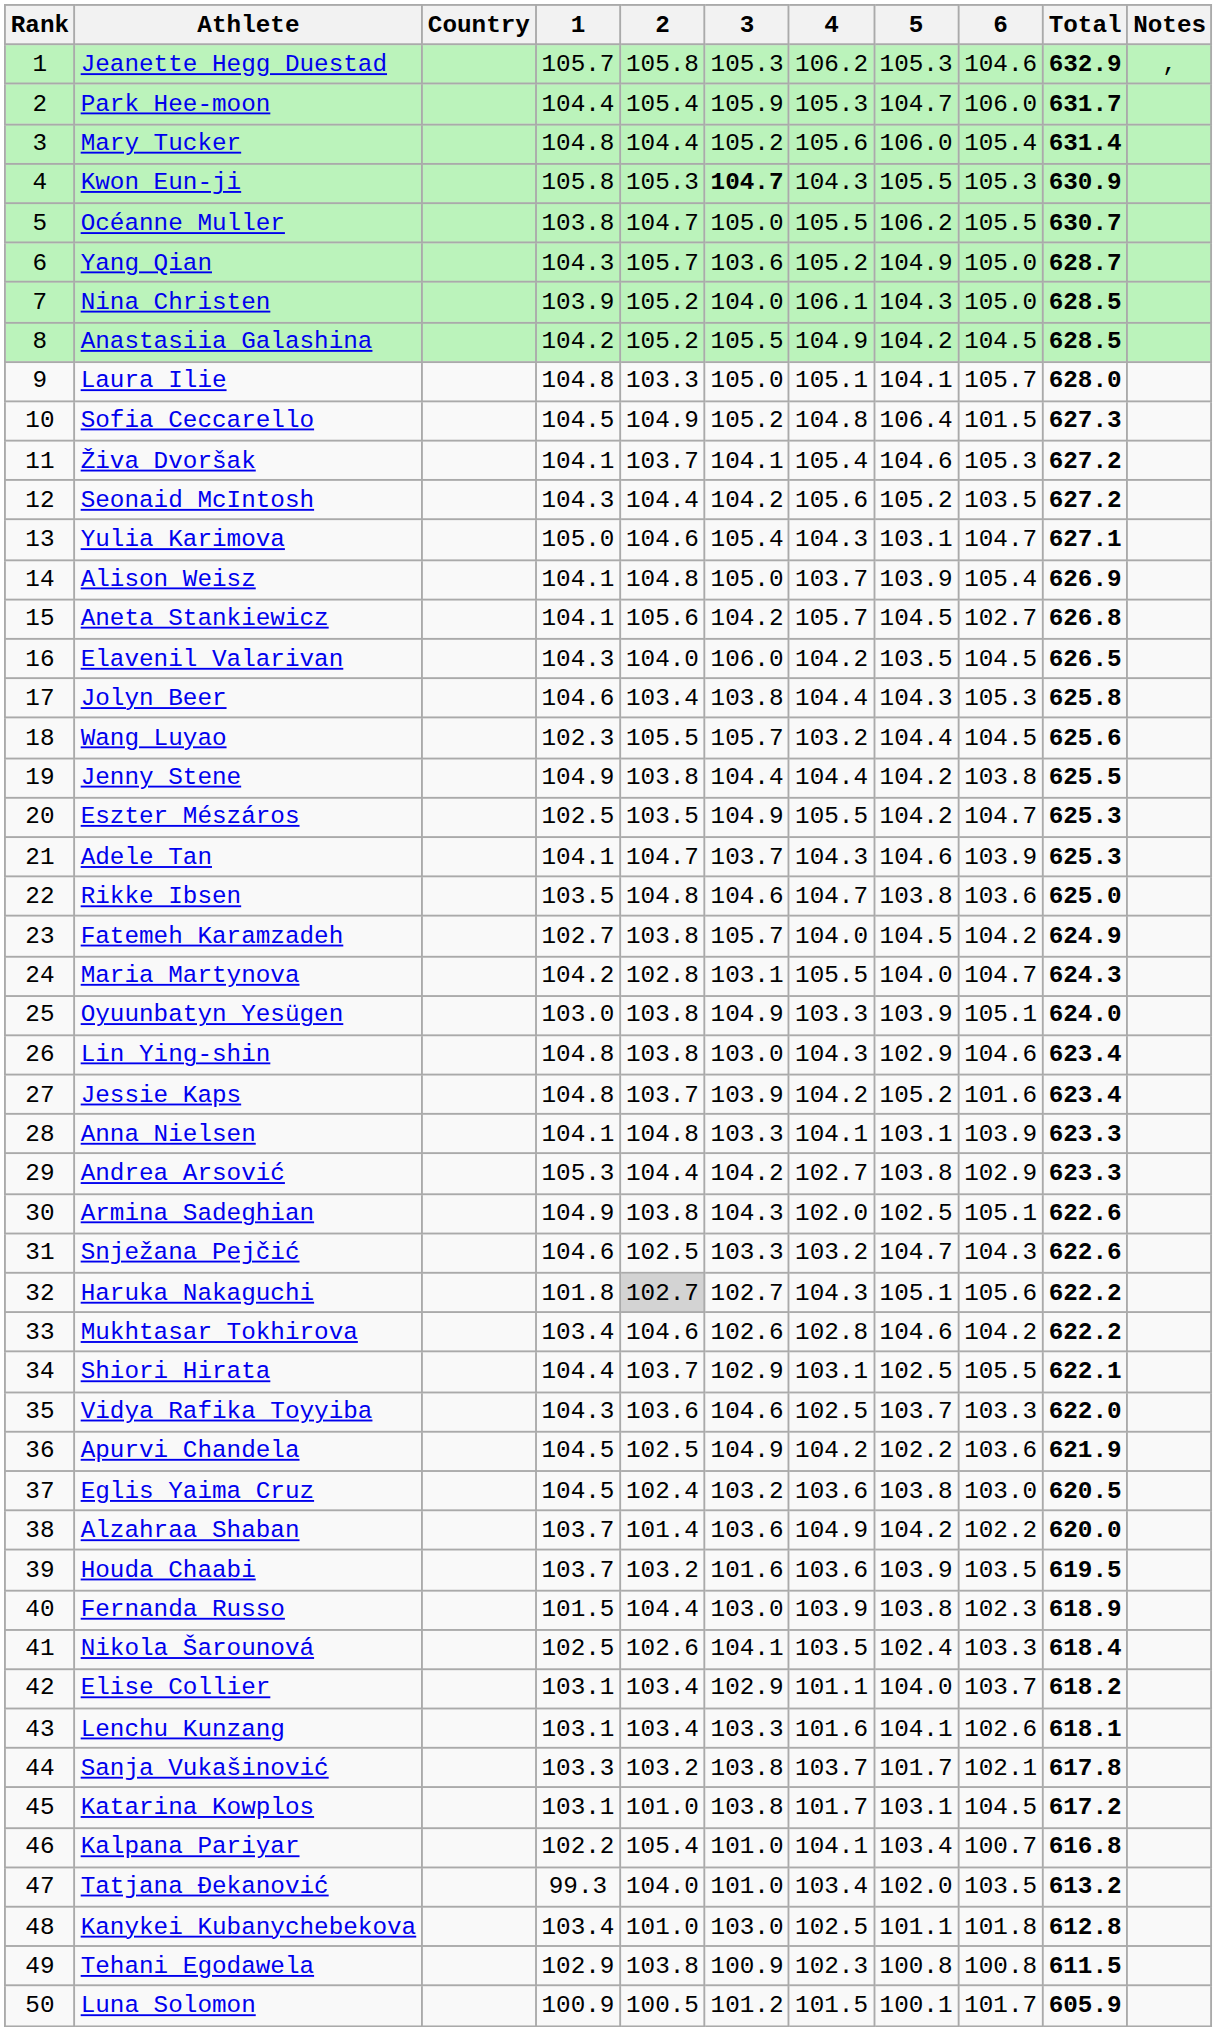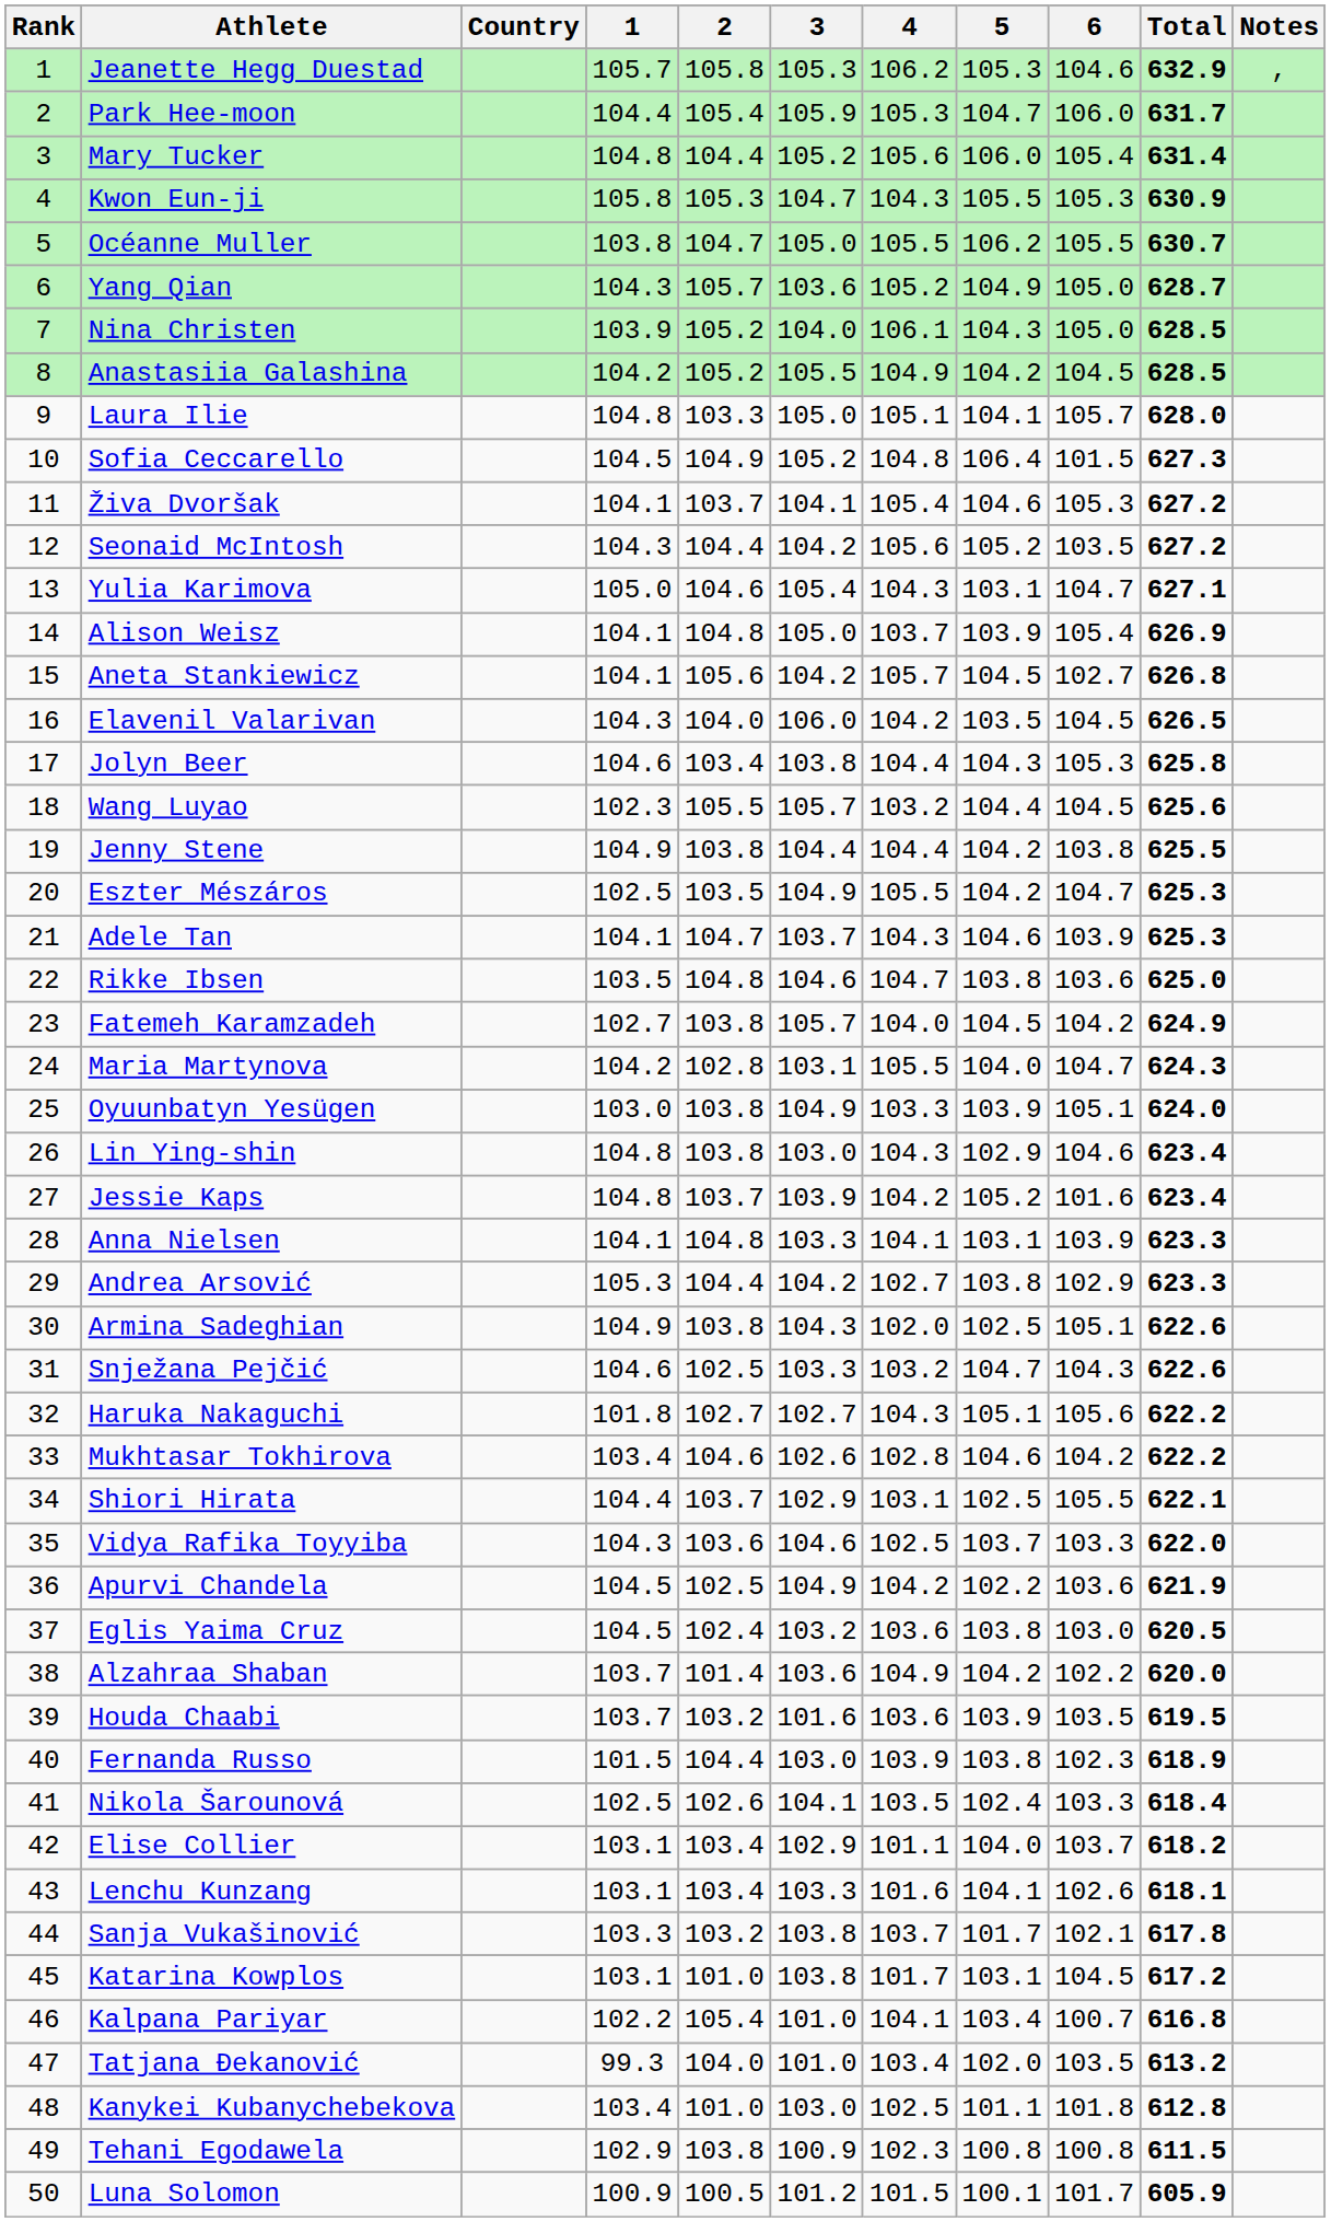 <table class="wikitable sortable" style="text-align:center">
 <tr>
 <th>Rank</th>
 <th>Athlete</th>
 <th>Country</th>
 <th class="sortable">1</th>
 <th class="sortable">2</th>
 <th class="sortable">3</th>
 <th class="sortable">4</th>
 <th class="sortable">5</th>
 <th class="sortable">6</th>
 <th>Total</th>
 <th class="unsortable">Notes</th>
 </tr>
 <tr bgcolor=bbf3bb>
 <td>1</td>
 <td align=left><a href='#'>Jeanette Hegg Duestad</a></td>
 <td align=left></td>
 <td>105.7</td>
 <td>105.8</td>
 <td>105.3</td>
 <td>106.2</td>
 <td>105.3</td>
 <td>104.6</td>
 <td><strong>632.9</strong></td>
 <td>, </td>
 </tr>
 <tr bgcolor=bbf3bb>
 <td>2</td>
 <td align=left><a href='#'>Park Hee-moon</a></td>
 <td align=left></td>
 <td>104.4</td>
 <td>105.4</td>
 <td>105.9</td>
 <td>105.3</td>
 <td>104.7</td>
 <td>106.0</td>
 <td><strong>631.7</strong></td>
 <td></td>
 </tr>
 <tr bgcolor=bbf3bb>
 <td>3</td>
 <td align=left><a href='#'>Mary Tucker</a></td>
 <td align=left></td>
 <td>104.8</td>
 <td>104.4</td>
 <td>105.2</td>
 <td>105.6</td>
 <td>106.0</td>
 <td>105.4</td>
 <td><strong>631.4</strong></td>
 <td></td>
 </tr>
 <tr bgcolor=bbf3bb>
 <td>4</td>
 <td align=left><a href='#'>Kwon Eun-ji</a></td>
 <td align=left></td>
 <td>105.8</td>
 <td>105.3</td>
-<td><strong>104.7</strong></td>
+<td>104.7</td>
 <td>104.3</td>
 <td>105.5</td>
 <td>105.3</td>
 <td><strong>630.9</strong></td>
 <td></td>
 </tr>
 <tr bgcolor=bbf3bb>
 <td>5</td>
 <td align=left><a href='#'>Océanne Muller</a></td>
 <td align=left></td>
 <td>103.8</td>
 <td>104.7</td>
 <td>105.0</td>
 <td>105.5</td>
 <td>106.2</td>
 <td>105.5</td>
 <td><strong>630.7</strong></td>
 <td></td>
 </tr>
 <tr bgcolor=bbf3bb>
 <td>6</td>
 <td align=left><a href='#'>Yang Qian</a></td>
 <td align=left></td>
 <td>104.3</td>
 <td>105.7</td>
 <td>103.6</td>
 <td>105.2</td>
 <td>104.9</td>
 <td>105.0</td>
 <td><strong>628.7</strong></td>
 <td></td>
 </tr>
 <tr bgcolor=bbf3bb>
 <td>7</td>
 <td align=left><a href='#'>Nina Christen</a></td>
 <td align=left></td>
 <td>103.9</td>
 <td>105.2</td>
 <td>104.0</td>
 <td>106.1</td>
 <td>104.3</td>
 <td>105.0</td>
 <td><strong>628.5</strong></td>
 <td></td>
 </tr>
 <tr bgcolor=bbf3bb>
 <td>8</td>
 <td align=left><a href='#'>Anastasiia Galashina</a></td>
 <td align=left></td>
 <td>104.2</td>
 <td>105.2</td>
 <td>105.5</td>
 <td>104.9</td>
 <td>104.2</td>
 <td>104.5</td>
 <td><strong>628.5</strong></td>
 <td></td>
 </tr>
 <tr>
 <td>9</td>
 <td align=left><a href='#'>Laura Ilie</a></td>
 <td align=left></td>
 <td>104.8</td>
 <td>103.3</td>
 <td>105.0</td>
 <td>105.1</td>
 <td>104.1</td>
 <td>105.7</td>
 <td><strong>628.0</strong></td>
 <td></td>
 </tr>
 <tr>
 <td>10</td>
 <td align=left><a href='#'>Sofia Ceccarello</a></td>
 <td align=left></td>
 <td>104.5</td>
 <td>104.9</td>
 <td>105.2</td>
 <td>104.8</td>
 <td>106.4</td>
 <td>101.5</td>
 <td><strong>627.3</strong></td>
 <td></td>
 </tr>
 <tr>
 <td>11</td>
 <td align=left><a href='#'>Živa Dvoršak</a></td>
 <td align=left></td>
 <td>104.1</td>
 <td>103.7</td>
 <td>104.1</td>
 <td>105.4</td>
 <td>104.6</td>
 <td>105.3</td>
 <td><strong>627.2</strong></td>
 <td></td>
 </tr>
 <tr>
 <td>12</td>
 <td align=left><a href='#'>Seonaid McIntosh</a></td>
 <td align=left></td>
 <td>104.3</td>
 <td>104.4</td>
 <td>104.2</td>
 <td>105.6</td>
 <td>105.2</td>
 <td>103.5</td>
 <td><strong>627.2</strong></td>
 <td></td>
 </tr>
 <tr>
 <td>13</td>
 <td align=left><a href='#'>Yulia Karimova</a></td>
 <td align=left></td>
 <td>105.0</td>
 <td>104.6</td>
 <td>105.4</td>
 <td>104.3</td>
 <td>103.1</td>
 <td>104.7</td>
 <td><strong>627.1</strong></td>
 <td></td>
 </tr>
 <tr>
 <td>14</td>
 <td align=left><a href='#'>Alison Weisz</a></td>
 <td align=left></td>
 <td>104.1</td>
 <td>104.8</td>
 <td>105.0</td>
 <td>103.7</td>
 <td>103.9</td>
 <td>105.4</td>
 <td><strong>626.9</strong></td>
 <td></td>
 </tr>
 <tr>
 <td>15</td>
 <td align=left><a href='#'>Aneta Stankiewicz</a></td>
 <td align=left></td>
 <td>104.1</td>
 <td>105.6</td>
 <td>104.2</td>
 <td>105.7</td>
 <td>104.5</td>
 <td>102.7</td>
 <td><strong>626.8</strong></td>
 <td></td>
 </tr>
 <tr>
 <td>16</td>
 <td align=left><a href='#'>Elavenil Valarivan</a></td>
 <td align=left></td>
 <td>104.3</td>
 <td>104.0</td>
 <td>106.0</td>
 <td>104.2</td>
 <td>103.5</td>
 <td>104.5</td>
 <td><strong>626.5</strong></td>
 <td></td>
 </tr>
 <tr>
 <td>17</td>
 <td align=left><a href='#'>Jolyn Beer</a></td>
 <td align=left></td>
 <td>104.6</td>
 <td>103.4</td>
 <td>103.8</td>
 <td>104.4</td>
 <td>104.3</td>
 <td>105.3</td>
 <td><strong>625.8</strong></td>
 <td></td>
 </tr>
 <tr>
 <td>18</td>
 <td align=left><a href='#'>Wang Luyao</a></td>
 <td align=left></td>
 <td>102.3</td>
 <td>105.5</td>
 <td>105.7</td>
 <td>103.2</td>
 <td>104.4</td>
 <td>104.5</td>
 <td><strong>625.6</strong></td>
 <td></td>
 </tr>
 <tr>
 <td>19</td>
 <td align=left><a href='#'>Jenny Stene</a></td>
 <td align=left></td>
 <td>104.9</td>
 <td>103.8</td>
 <td>104.4</td>
 <td>104.4</td>
 <td>104.2</td>
 <td>103.8</td>
 <td><strong>625.5</strong></td>
 <td></td>
 </tr>
 <tr>
 <td>20</td>
 <td align=left><a href='#'>Eszter Mészáros</a></td>
 <td align=left></td>
 <td>102.5</td>
 <td>103.5</td>
 <td>104.9</td>
 <td>105.5</td>
 <td>104.2</td>
 <td>104.7</td>
 <td><strong>625.3</strong></td>
 <td></td>
 </tr>
 <tr>
 <td>21</td>
 <td align=left><a href='#'>Adele Tan</a></td>
 <td align=left></td>
 <td>104.1</td>
 <td>104.7</td>
 <td>103.7</td>
 <td>104.3</td>
 <td>104.6</td>
 <td>103.9</td>
 <td><strong>625.3</strong></td>
 <td></td>
 </tr>
 <tr>
 <td>22</td>
 <td align=left><a href='#'>Rikke Ibsen</a></td>
 <td align=left></td>
 <td>103.5</td>
 <td>104.8</td>
 <td>104.6</td>
 <td>104.7</td>
 <td>103.8</td>
 <td>103.6</td>
 <td><strong>625.0</strong></td>
 <td></td>
 </tr>
 <tr>
 <td>23</td>
 <td align=left><a href='#'>Fatemeh Karamzadeh</a></td>
 <td align=left></td>
 <td>102.7</td>
 <td>103.8</td>
 <td>105.7</td>
 <td>104.0</td>
 <td>104.5</td>
 <td>104.2</td>
 <td><strong>624.9</strong></td>
 <td></td>
 </tr>
 <tr>
 <td>24</td>
 <td align=left><a href='#'>Maria Martynova</a></td>
 <td align=left></td>
 <td>104.2</td>
 <td>102.8</td>
 <td>103.1</td>
 <td>105.5</td>
 <td>104.0</td>
 <td>104.7</td>
 <td><strong>624.3</strong></td>
 <td></td>
 </tr>
 <tr>
 <td>25</td>
 <td align=left><a href='#'>Oyuunbatyn Yesügen</a></td>
 <td align=left></td>
 <td>103.0</td>
 <td>103.8</td>
 <td>104.9</td>
 <td>103.3</td>
 <td>103.9</td>
 <td>105.1</td>
 <td><strong>624.0</strong></td>
 <td></td>
 </tr>
 <tr>
 <td>26</td>
 <td align=left><a href='#'>Lin Ying-shin</a></td>
 <td align=left></td>
 <td>104.8</td>
 <td>103.8</td>
 <td>103.0</td>
 <td>104.3</td>
 <td>102.9</td>
 <td>104.6</td>
 <td><strong>623.4</strong></td>
 <td></td>
 </tr>
 <tr>
 <td>27</td>
 <td align=left><a href='#'>Jessie Kaps</a></td>
 <td align=left></td>
 <td>104.8</td>
 <td>103.7</td>
 <td>103.9</td>
 <td>104.2</td>
 <td>105.2</td>
 <td>101.6</td>
 <td><strong>623.4</strong></td>
 <td></td>
 </tr>
 <tr>
 <td>28</td>
 <td align=left><a href='#'>Anna Nielsen</a></td>
 <td align=left></td>
 <td>104.1</td>
 <td>104.8</td>
 <td>103.3</td>
 <td>104.1</td>
 <td>103.1</td>
 <td>103.9</td>
 <td><strong>623.3</strong></td>
 <td></td>
 </tr>
 <tr>
 <td>29</td>
 <td align=left><a href='#'>Andrea Arsović</a></td>
 <td align=left></td>
 <td>105.3</td>
 <td>104.4</td>
 <td>104.2</td>
 <td>102.7</td>
 <td>103.8</td>
 <td>102.9</td>
 <td><strong>623.3</strong></td>
 <td></td>
 </tr>
 <tr>
 <td>30</td>
 <td align=left><a href='#'>Armina Sadeghian</a></td>
 <td align=left></td>
 <td>104.9</td>
 <td>103.8</td>
 <td>104.3</td>
 <td>102.0</td>
 <td>102.5</td>
 <td>105.1</td>
 <td><strong>622.6</strong></td>
 <td></td>
 </tr>
 <tr>
 <td>31</td>
 <td align=left><a href='#'>Snježana Pejčić</a></td>
 <td align=left></td>
 <td>104.6</td>
 <td>102.5</td>
 <td>103.3</td>
 <td>103.2</td>
 <td>104.7</td>
 <td>104.3</td>
 <td><strong>622.6</strong></td>
 <td></td>
 </tr>
 <tr>
 <td>32</td>
 <td align=left><a href='#'>Haruka Nakaguchi</a></td>
 <td align=left></td>
 <td>101.8</td>
-<td style="background: lightgrey;">102.7</td>
+<td>102.7</td>
 <td>102.7</td>
 <td>104.3</td>
 <td>105.1</td>
 <td>105.6</td>
 <td><strong>622.2</strong></td>
 <td></td>
 </tr>
 <tr>
 <td>33</td>
 <td align=left><a href='#'>Mukhtasar Tokhirova</a></td>
 <td align=left></td>
 <td>103.4</td>
 <td>104.6</td>
 <td>102.6</td>
 <td>102.8</td>
 <td>104.6</td>
 <td>104.2</td>
 <td><strong>622.2</strong></td>
 <td></td>
 </tr>
 <tr>
 <td>34</td>
 <td align=left><a href='#'>Shiori Hirata</a></td>
 <td align=left></td>
 <td>104.4</td>
 <td>103.7</td>
 <td>102.9</td>
 <td>103.1</td>
 <td>102.5</td>
 <td>105.5</td>
 <td><strong>622.1</strong></td>
 <td></td>
 </tr>
 <tr>
 <td>35</td>
 <td align=left><a href='#'>Vidya Rafika Toyyiba</a></td>
 <td align=left></td>
 <td>104.3</td>
 <td>103.6</td>
 <td>104.6</td>
 <td>102.5</td>
 <td>103.7</td>
 <td>103.3</td>
 <td><strong>622.0</strong></td>
 <td></td>
 </tr>
 <tr>
 <td>36</td>
 <td align=left><a href='#'>Apurvi Chandela</a></td>
 <td align=left></td>
 <td>104.5</td>
 <td>102.5</td>
 <td>104.9</td>
 <td>104.2</td>
 <td>102.2</td>
 <td>103.6</td>
 <td><strong>621.9</strong></td>
 <td></td>
 </tr>
 <tr>
 <td>37</td>
 <td align=left><a href='#'>Eglis Yaima Cruz</a></td>
 <td align=left></td>
 <td>104.5</td>
 <td>102.4</td>
 <td>103.2</td>
 <td>103.6</td>
 <td>103.8</td>
 <td>103.0</td>
 <td><strong>620.5</strong></td>
 <td></td>
 </tr>
 <tr>
 <td>38</td>
 <td align=left><a href='#'>Alzahraa Shaban</a></td>
 <td align=left></td>
 <td>103.7</td>
 <td>101.4</td>
 <td>103.6</td>
 <td>104.9</td>
 <td>104.2</td>
 <td>102.2</td>
 <td><strong>620.0</strong></td>
 <td></td>
 </tr>
 <tr>
 <td>39</td>
 <td align=left><a href='#'>Houda Chaabi</a></td>
 <td align=left></td>
 <td>103.7</td>
 <td>103.2</td>
 <td>101.6</td>
 <td>103.6</td>
 <td>103.9</td>
 <td>103.5</td>
 <td><strong>619.5</strong></td>
 <td></td>
 </tr>
 <tr>
 <td>40</td>
 <td align=left><a href='#'>Fernanda Russo</a></td>
 <td align=left></td>
 <td>101.5</td>
 <td>104.4</td>
 <td>103.0</td>
 <td>103.9</td>
 <td>103.8</td>
 <td>102.3</td>
 <td><strong>618.9</strong></td>
 <td></td>
 </tr>
 <tr>
 <td>41</td>
 <td align=left><a href='#'>Nikola Šarounová</a></td>
 <td align=left></td>
 <td>102.5</td>
 <td>102.6</td>
 <td>104.1</td>
 <td>103.5</td>
 <td>102.4</td>
 <td>103.3</td>
 <td><strong>618.4</strong></td>
 <td></td>
 </tr>
 <tr>
 <td>42</td>
 <td align=left><a href='#'>Elise Collier</a></td>
 <td align=left></td>
 <td>103.1</td>
 <td>103.4</td>
 <td>102.9</td>
 <td>101.1</td>
 <td>104.0</td>
 <td>103.7</td>
 <td><strong>618.2</strong></td>
 <td></td>
 </tr>
 <tr>
 <td>43</td>
 <td align=left><a href='#'>Lenchu Kunzang</a></td>
 <td align=left></td>
 <td>103.1</td>
 <td>103.4</td>
 <td>103.3</td>
 <td>101.6</td>
 <td>104.1</td>
 <td>102.6</td>
 <td><strong>618.1</strong></td>
 <td></td>
 </tr>
 <tr>
 <td>44</td>
 <td align=left><a href='#'>Sanja Vukašinović</a></td>
 <td align=left></td>
 <td>103.3</td>
 <td>103.2</td>
 <td>103.8</td>
 <td>103.7</td>
 <td>101.7</td>
 <td>102.1</td>
 <td><strong>617.8</strong></td>
 <td></td>
 </tr>
 <tr>
 <td>45</td>
 <td align=left><a href='#'>Katarina Kowplos</a></td>
 <td align=left></td>
 <td>103.1</td>
 <td>101.0</td>
 <td>103.8</td>
 <td>101.7</td>
 <td>103.1</td>
 <td>104.5</td>
 <td><strong>617.2</strong></td>
 <td></td>
 </tr>
 <tr>
 <td>46</td>
 <td align=left><a href='#'>Kalpana Pariyar</a></td>
 <td align=left></td>
 <td>102.2</td>
 <td>105.4</td>
 <td>101.0</td>
 <td>104.1</td>
 <td>103.4</td>
 <td>100.7</td>
 <td><strong>616.8</strong></td>
 <td></td>
 </tr>
 <tr>
 <td>47</td>
 <td align=left><a href='#'>Tatjana Đekanović</a></td>
 <td align=left></td>
 <td>99.3</td>
 <td>104.0</td>
 <td>101.0</td>
 <td>103.4</td>
 <td>102.0</td>
 <td>103.5</td>
 <td><strong>613.2</strong></td>
 <td></td>
 </tr>
 <tr>
 <td>48</td>
 <td align=left><a href='#'>Kanykei Kubanychebekova</a></td>
 <td align=left></td>
 <td>103.4</td>
 <td>101.0</td>
 <td>103.0</td>
 <td>102.5</td>
 <td>101.1</td>
 <td>101.8</td>
 <td><strong>612.8</strong></td>
 <td></td>
 </tr>
 <tr>
 <td>49</td>
 <td align=left><a href='#'>Tehani Egodawela</a></td>
 <td align=left></td>
 <td>102.9</td>
 <td>103.8</td>
 <td>100.9</td>
 <td>102.3</td>
 <td>100.8</td>
 <td>100.8</td>
 <td><strong>611.5</strong></td>
 <td></td>
 </tr>
 <tr>
 <td>50</td>
 <td align=left><a href='#'>Luna Solomon</a></td>
 <td align=left></td>
 <td>100.9</td>
 <td>100.5</td>
 <td>101.2</td>
 <td>101.5</td>
 <td>100.1</td>
 <td>101.7</td>
 <td><strong>605.9</strong></td>
 <td></td>
 </tr>
 </table>
